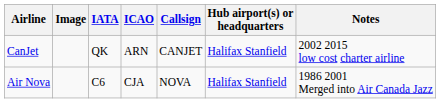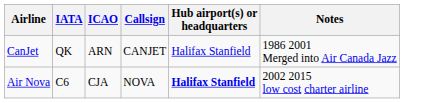 <table class="wikitable sortable" style="border: 0; cellpadding: 2; cellspacing: 3;">
 <tr style="vertical-align:middle;">
 <th>Airline</th>
-<th>Image</th>
 <th><a href='#'>IATA</a></th>
 <th><a href='#'>ICAO</a></th>
 <th><a href='#'>Callsign</a></th>
 <th>Hub airport(s) or<br>headquarters</th>
 <th class="unsortable">Notes</th>
 </tr>
 <tr>
 <td><a href='#'>CanJet</a></td>
-<td></td>
 <td>QK</td>
 <td>ARN</td>
 <td>CANJET</td>
 <td><a href='#'>Halifax Stanfield</a></td>
-<td>2002  2015<br><a href='#'>low cost</a> <a href='#'>charter airline</a></td>
+<td>1986  2001<br>Merged into <a href='#'>Air Canada Jazz</a></td>
 </tr>
 <tr>
 <td><a href='#'>Air Nova</a></td>
-<td></td>
 <td>C6</td>
 <td>CJA</td>
 <td>NOVA</td>
-<td><a href='#'>Halifax Stanfield</a></td>
-<td>1986  2001<br>Merged into <a href='#'>Air Canada Jazz</a></td>
+<td><strong><a href='#'>Halifax Stanfield</a></strong></td>
+<td>2002  2015<br><a href='#'>low cost</a> <a href='#'>charter airline</a></td>
 </tr>
 </table>
